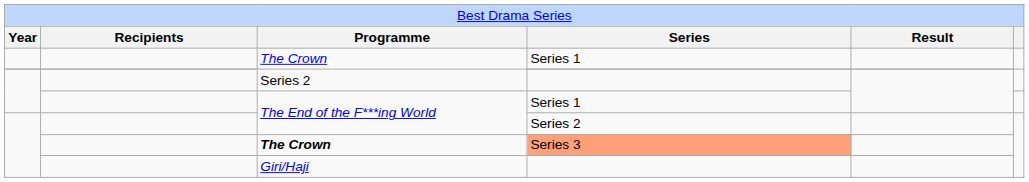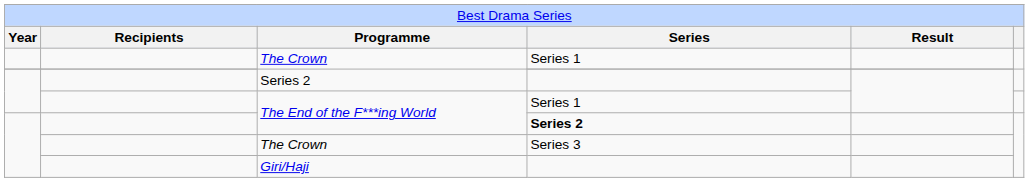 <table class="wikitable plainrowheaders" style="font-size: 90%" width=85%>
 <tr>
 </tr>
 <tr ---- bgcolor="#bfd7ff">
 <td colspan=6 align=center><a href='#'>Best Drama Series</a></td>
 </tr>
 <tr ---- bgcolor="#ebf5ff">
 <th scope="col" style="width:2%;">Year</th>
 <th scope="col" style="width:20%;">Recipients</th>
 <th scope="col" style="width:25%;">Programme</th>
 <th scope="col" style="width:30%;">Series</th>
 <th scope="col" style="width:15%;">Result</th>
 <th scope="col" class="unsortable" style="width:1%;"></th>
 </tr>
 <tr>
 <td></td>
 <td></td>
 <td rowspan="2"><em><a href='#'>The Crown</a></em></td>
 <td>Series 1</td>
 <td></td>
 <td></td>
 </tr>
 <tr>
 </tr>
 <tr>
 <td rowspan="2"></td>
 <td></td>
 <td>Series 2</td>
 <td></td>
 <td rowspan="2"></td>
 </tr>
 <tr>
 <td></td>
 <td rowspan="2"><em><a href='#'>The End of the F***ing World</a></em></td>
 <td>Series 1</td>
 <td></td>
 </tr>
 <tr>
 <td rowspan="3"></td>
 <td></td>
-<td>Series 2</td>
+<td><strong>Series 2</strong></td>
 <td></td>
 <td rowspan="3"></td>
 </tr>
 <tr>
 <td></td>
-<td><strong><em>The Crown</em></strong></td>
-<td style="background: lightsalmon;">Series 3</td>
+<td><em>The Crown</em></td>
+<td>Series 3</td>
 <td></td>
 </tr>
 <tr>
 <td></td>
 <td><em><a href='#'>Giri/Haji</a></em></td>
 <td></td>
 <td></td>
 </tr>
 </table>
